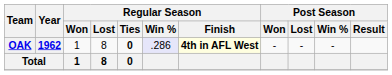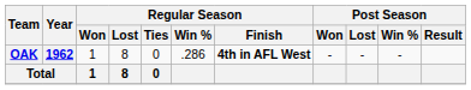 <table class="wikitable" style="font-size: 90%; text-align:center;">
 <tr>
 <th rowspan="2">Team</th>
 <th rowspan="2">Year</th>
 <th colspan="5">Regular Season</th>
 <th colspan="4">Post Season</th>
 </tr>
 <tr>
 <th>Won</th>
 <th>Lost</th>
 <th>Ties</th>
 <th>Win %</th>
 <th>Finish</th>
 <th>Won</th>
 <th>Lost</th>
 <th>Win %</th>
 <th>Result</th>
 </tr>
 <tr>
 <th><a href='#'>OAK</a></th>
 <th><a href='#'>1962</a></th>
 <td>1</td>
 <td>8</td>
-<td><strong>0</strong></td>
-<td style="background: lavender;">.286</td>
-<td style="background: lightyellow;"><strong>4th in AFL West</strong></td>
+<td>0</td>
+<td>.286</td>
+<td><strong>4th in AFL West</strong></td>
 <td>-</td>
 <td>-</td>
 <td>-</td>
 <td></td>
 </tr>
 <tr>
 <th colspan="2">Total</th>
 <th>1</th>
 <th>8</th>
 <th>0</th>
 <th></th>
 <th></th>
 <th></th>
 <th></th>
 <th></th>
 <th></th>
 </tr>
 <tr>
 </tr>
 </table>
